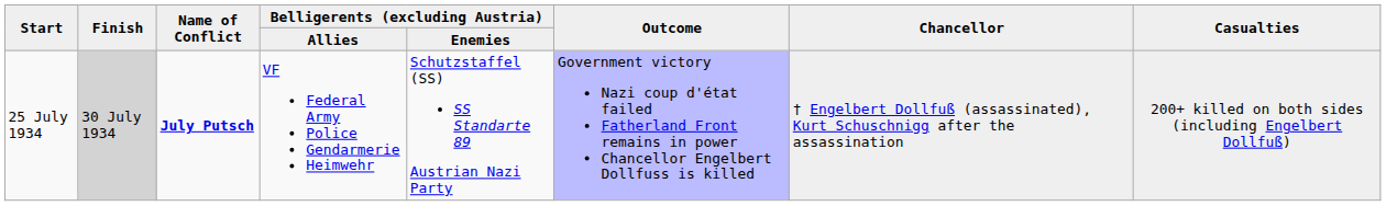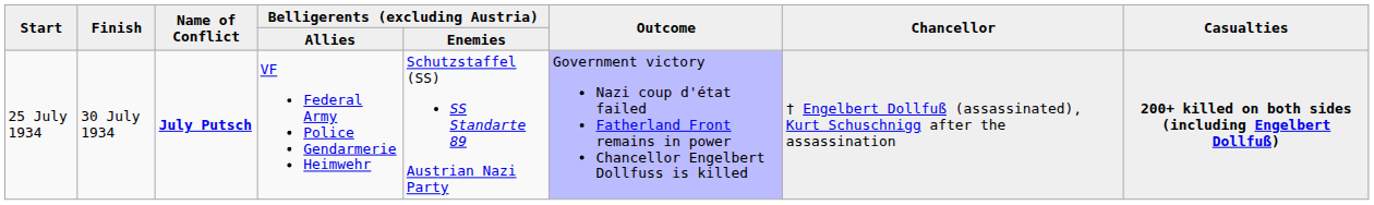 <table class="wikitable sortable" width="100%">
 <tr>
 <th rowspan="2" style="background:#efefef;">Start</th>
 <th rowspan="2" style="background:#efefef;">Finish</th>
 <th rowspan="2" style="background:#efefef;">Name of Conflict</th>
 <th colspan="2" style="background:#efefef;">Belligerents (excluding Austria)</th>
 <th rowspan="2" style="background:#efefef;">Outcome</th>
 <th rowspan="2" style="background:#efefef;">Chancellor</th>
 <th rowspan="2" style="background:#efefef;">Casualties</th>
 </tr>
 <tr>
 <th style="background:#efefef;">Allies</th>
 <th style="background:#efefef;">Enemies</th>
 </tr>
 <tr>
 <td>25 July 1934</td>
-<td style="background: lightgrey;">30 July 1934</td>
+<td>30 July 1934</td>
 <td><strong><a href='#'>July Putsch</a></strong></td>
 <td> <a href='#'>VF</a><br><ul><li><a href='#'>Federal Army</a></li><li><a href='#'>Police</a></li><li><a href='#'>Gendarmerie</a></li><li><a href='#'>Heimwehr</a></li></ul></td>
 <td> <a href='#'>Schutzstaffel</a> (SS)<br><ul><li><em><a href='#'>SS Standarte 89</a></em></li></ul> <a href='#'>Austrian Nazi Party</a></td>
 <td style="Background:#BBF">Government victory<br><ul><li>Nazi coup d'état failed</li><li><a href='#'>Fatherland Front</a> remains in power</li><li>Chancellor Engelbert Dollfuss is killed</li></ul></td>
 <td style="background:#efefef">† <a href='#'>Engelbert Dollfuß</a> (assassinated), <a href='#'>Kurt Schuschnigg</a> after the assassination</td>
-<td style="background:#efefef; text-align:center">200+ killed on both sides (including <a href='#'>Engelbert Dollfuß</a>)</td>
+<td style="background:#efefef; text-align:center"><strong>200+ killed on both sides (including <a href='#'>Engelbert Dollfuß</a>)</strong></td>
 </tr>
 </table>
